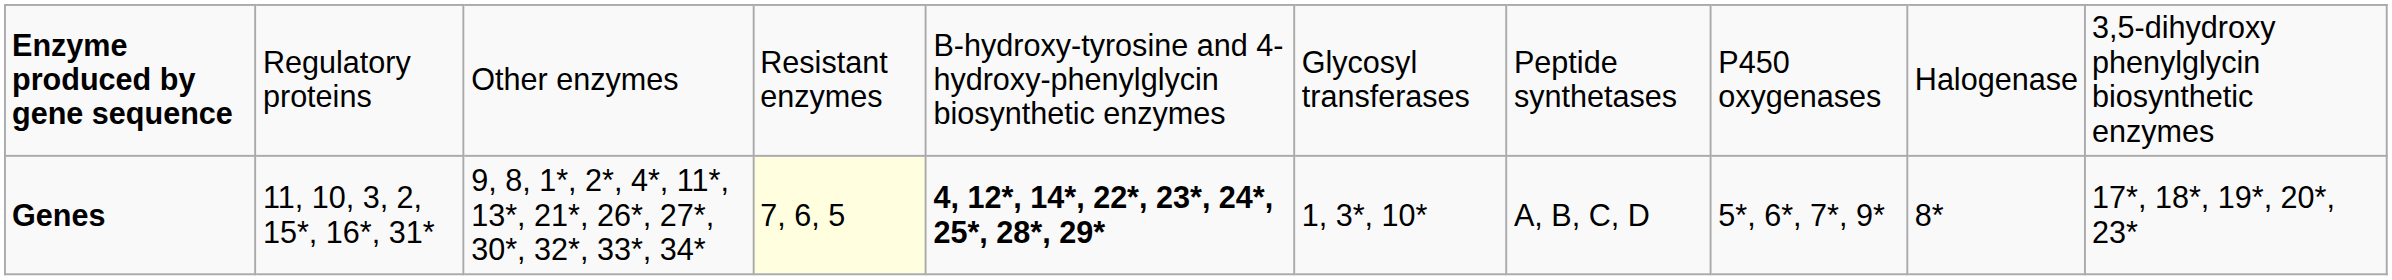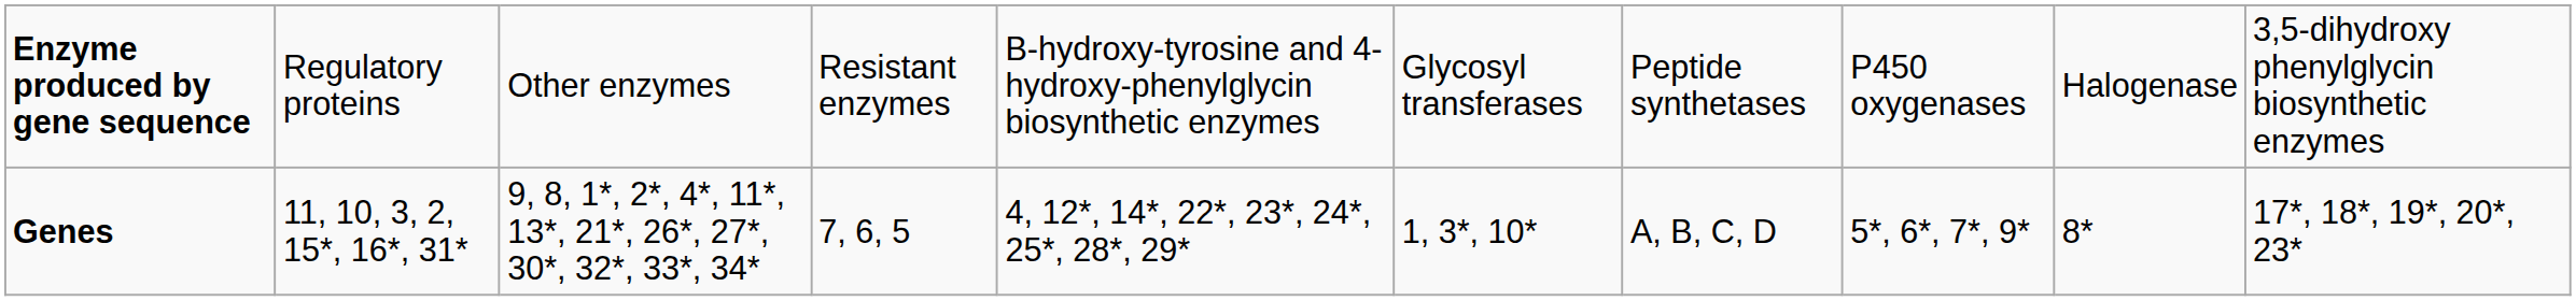 <table class="wikitable" border="1">
 <tr>
 <td><strong>Enzyme produced by gene sequence</strong></td>
 <td>Regulatory proteins</td>
 <td>Other enzymes</td>
 <td>Resistant enzymes</td>
 <td>Β-hydroxy-tyrosine and 4-hydroxy-phenylglycin biosynthetic enzymes</td>
 <td>Glycosyl transferases</td>
 <td>Peptide synthetases</td>
 <td>P450 oxygenases</td>
 <td>Halogenase</td>
 <td>3,5-dihydroxy phenylglycin biosynthetic enzymes</td>
 </tr>
 <tr>
 <td><strong>Genes</strong></td>
 <td>11, 10, 3, 2, 15*, 16*, 31*</td>
 <td>9, 8, 1*, 2*, 4*, 11*, 13*, 21*, 26*, 27*, 30*, 32*, 33*, 34*</td>
-<td style="background: lightyellow;">7, 6, 5</td>
-<td><strong>4, 12*, 14*, 22*, 23*, 24*, 25*, 28*, 29*</strong></td>
+<td>7, 6, 5</td>
+<td>4, 12*, 14*, 22*, 23*, 24*, 25*, 28*, 29*</td>
 <td>1, 3*, 10*</td>
 <td>A, B, C, D</td>
 <td>5*, 6*, 7*, 9*</td>
 <td>8*</td>
 <td>17*, 18*, 19*, 20*, 23*</td>
 </tr>
 </table>
